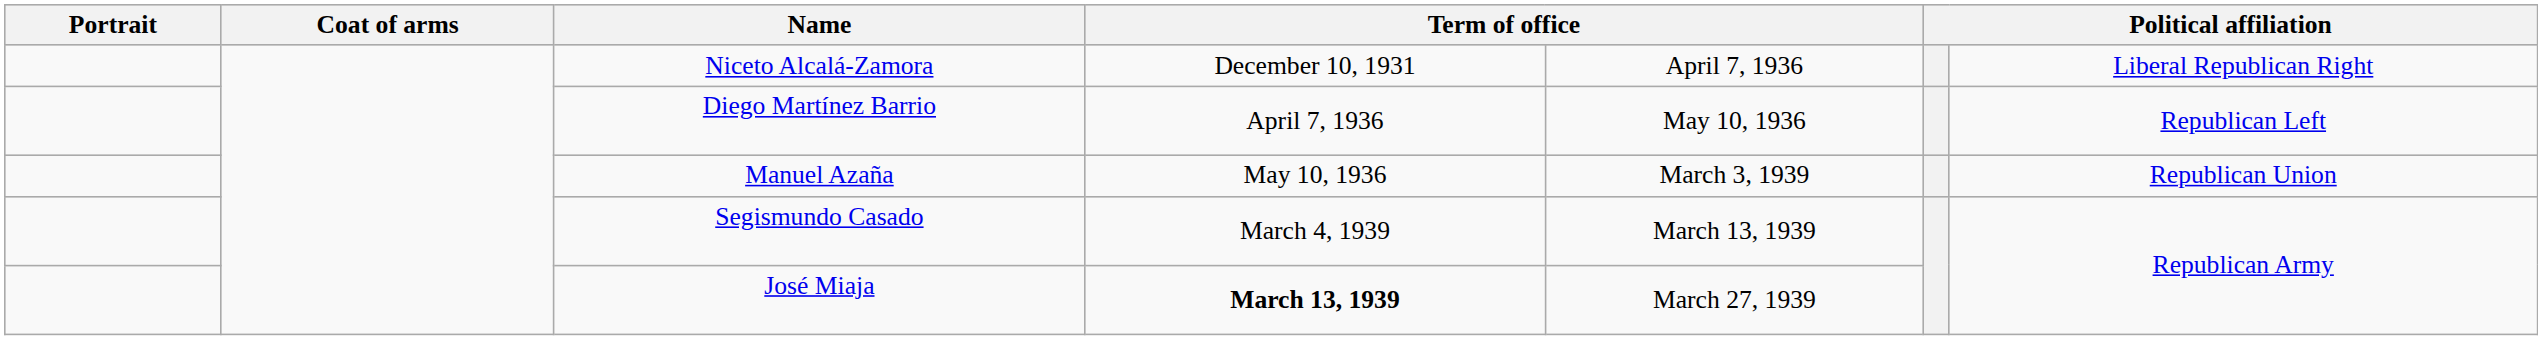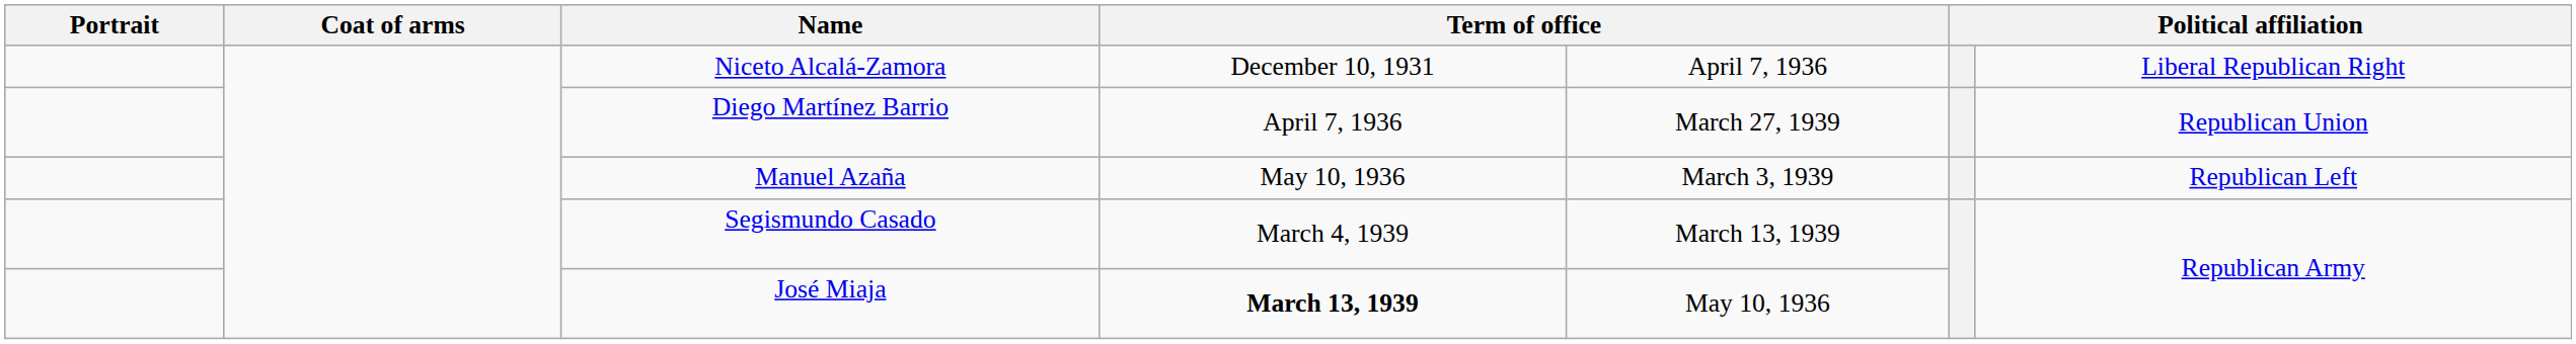 <table style="text-align:center; width:100%" class="wikitable">
 <tr>
 <th>Portrait</th>
 <th>Coat of arms</th>
 <th>Name<br></th>
 <th colspan=2>Term of office</th>
 <th colspan=2>Political affiliation</th>
 </tr>
 <tr>
 <td></td>
 <td rowspan="5"></td>
 <td><a href='#'>Niceto Alcalá-Zamora</a><br></td>
 <td>December 10, 1931</td>
 <td>April 7, 1936</td>
 <th style="background:"></th>
 <td><a href='#'>Liberal Republican Right</a></td>
 </tr>
 <tr>
 <td></td>
 <td><a href='#'>Diego Martínez Barrio</a><br><br></td>
 <td>April 7, 1936</td>
-<td>May 10, 1936</td>
+<td>March 27, 1939</td>
 <th style="background:"></th>
-<td><a href='#'>Republican Left</a><br></td>
+<td><a href='#'>Republican Union</a><br></td>
 </tr>
 <tr>
 <td></td>
 <td><a href='#'>Manuel Azaña</a><br></td>
 <td>May 10, 1936</td>
 <td>March 3, 1939</td>
 <th style="background:"></th>
-<td><a href='#'>Republican Union</a><br></td>
+<td><a href='#'>Republican Left</a><br></td>
 </tr>
 <tr>
 <td></td>
 <td><a href='#'>Segismundo Casado</a><br><br></td>
 <td>March 4, 1939</td>
 <td>March 13, 1939</td>
 <th rowspan="2" style="background:"></th>
 <td rowspan="2"><a href='#'>Republican Army</a><br></td>
 </tr>
 <tr>
 <td></td>
 <td><a href='#'>José Miaja</a><br><br></td>
 <td><strong>March 13, 1939</strong></td>
-<td>March 27, 1939</td>
+<td>May 10, 1936</td>
 </tr>
 </table>
